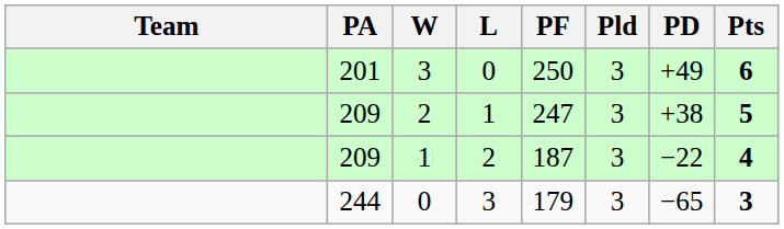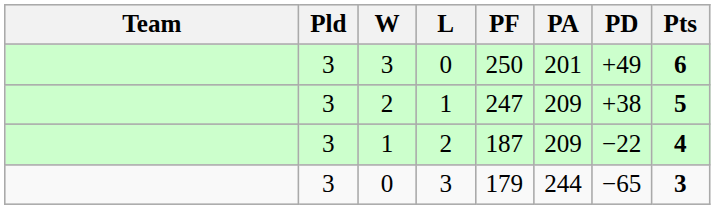 <table class=wikitable style="text-align:center">
 <tr>
 <th width=180>Team</th>
-<th width=30>PA</th>
+<th width=30>Pld</th>
 <th width=30>W</th>
 <th width=30>L</th>
 <th width=30>PF</th>
-<th width=30>Pld</th>
+<th width=30>PA</th>
 <th width=30>PD</th>
 <th width=30>Pts</th>
 </tr>
 <tr align=center bgcolor="#ccffcc">
 <td align="left"></td>
-<td>201</td>
+<td>3</td>
 <td>3</td>
 <td>0</td>
 <td>250</td>
-<td>3</td>
+<td>201</td>
 <td>+49</td>
 <td><strong>6</strong></td>
 </tr>
 <tr align=center bgcolor="#ccffcc">
 <td align="left"></td>
-<td>209</td>
+<td>3</td>
 <td>2</td>
 <td>1</td>
 <td>247</td>
-<td>3</td>
+<td>209</td>
 <td>+38</td>
 <td><strong>5</strong></td>
 </tr>
 <tr align=center bgcolor="#ccffcc">
 <td align="left"></td>
-<td>209</td>
+<td>3</td>
 <td>1</td>
 <td>2</td>
 <td>187</td>
-<td>3</td>
+<td>209</td>
 <td>−22</td>
 <td><strong>4</strong></td>
 </tr>
 <tr>
 <td align="left"></td>
-<td>244</td>
+<td>3</td>
 <td>0</td>
 <td>3</td>
 <td>179</td>
-<td>3</td>
+<td>244</td>
 <td>−65</td>
 <td><strong>3</strong></td>
 </tr>
 </table>
